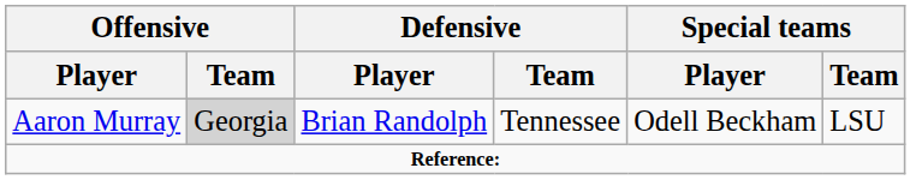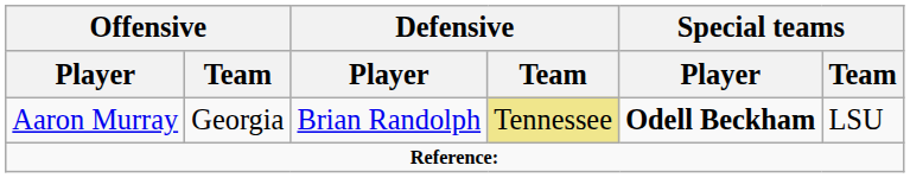 <table class="wikitable" border="1">
 <tr>
 <th colspan="2">Offensive</th>
 <th colspan="2">Defensive</th>
 <th colspan="2">Special teams</th>
 </tr>
 <tr>
 <th>Player</th>
 <th>Team</th>
 <th>Player</th>
 <th>Team</th>
 <th>Player</th>
 <th>Team</th>
 </tr>
 <tr>
 <td><a href='#'>Aaron Murray</a></td>
-<td style="background: lightgrey;">Georgia</td>
+<td>Georgia</td>
 <td><a href='#'>Brian Randolph</a></td>
-<td>Tennessee</td>
-<td>Odell Beckham</td>
+<td style="background: khaki;">Tennessee</td>
+<td><strong>Odell Beckham</strong></td>
 <td>LSU</td>
 </tr>
 <tr>
 <td colspan="6" style="font-size: 8pt" align="center"><strong>Reference:</strong></td>
 </tr>
 </table>
